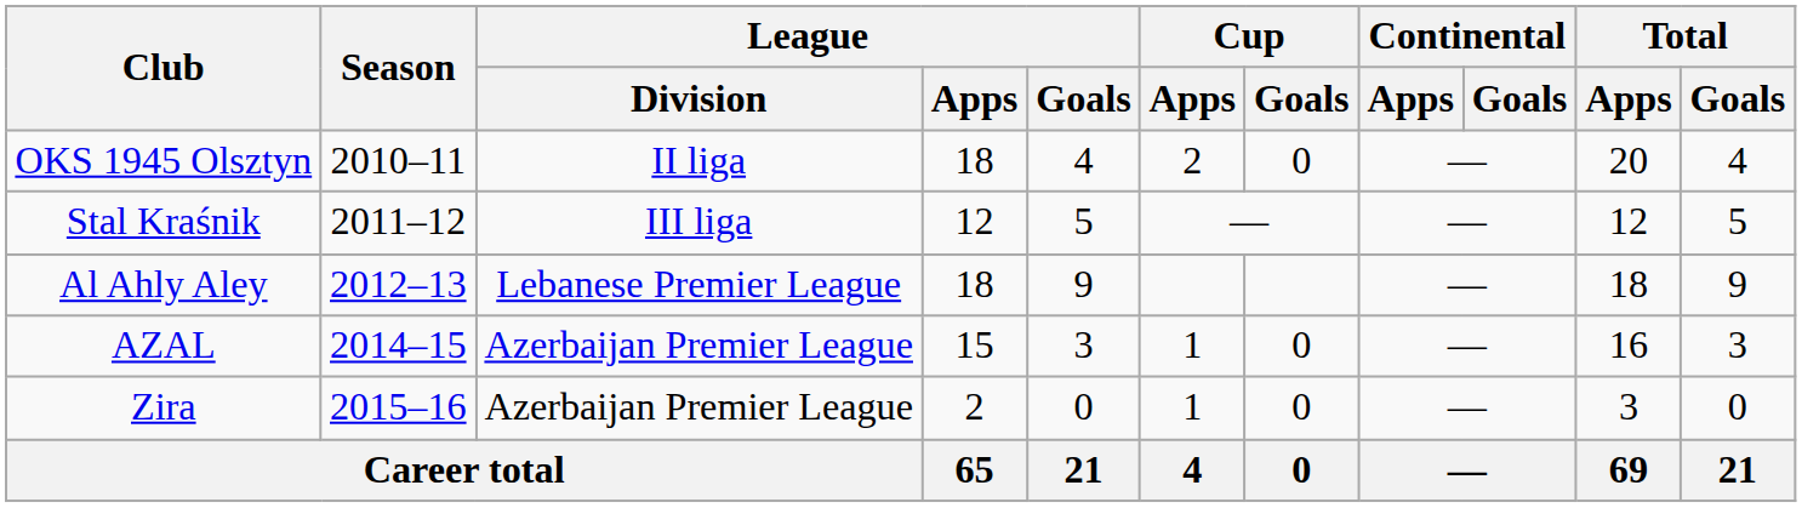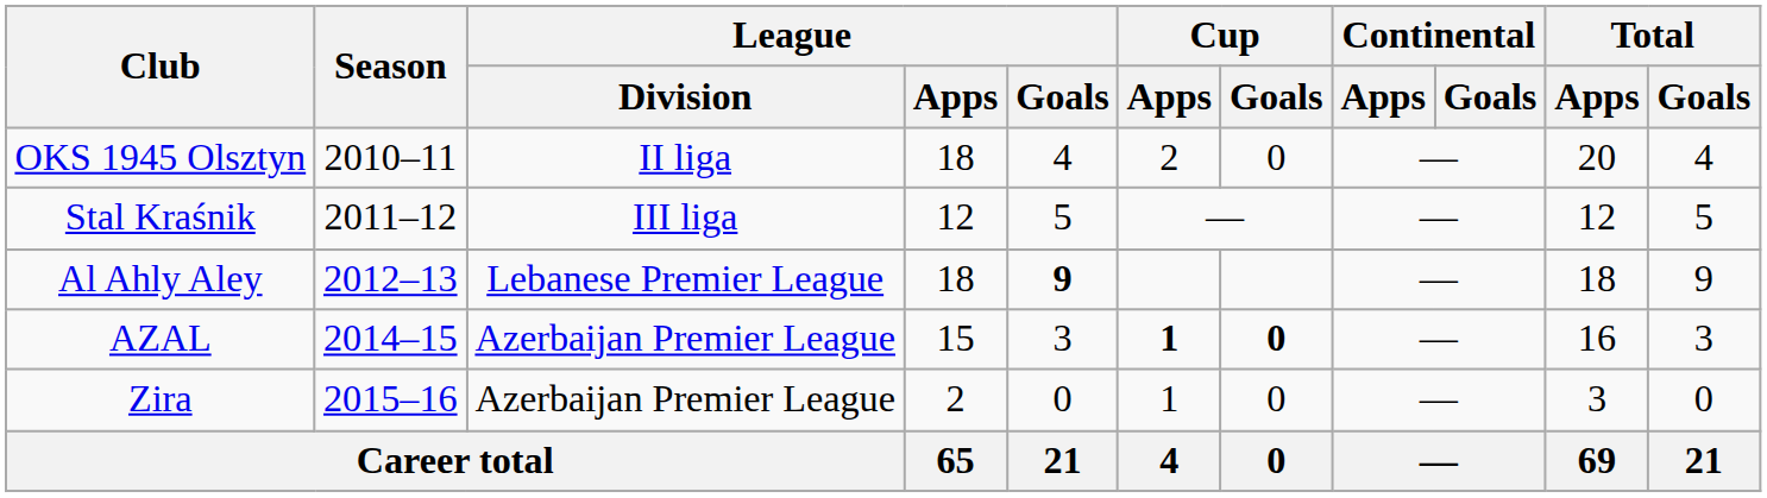 <table class="wikitable" style="text-align:center">
 <tr>
 <th rowspan="2">Club</th>
 <th rowspan="2">Season</th>
 <th colspan="3">League</th>
 <th colspan="2">Cup</th>
 <th colspan="2">Continental</th>
 <th colspan="2">Total</th>
 </tr>
 <tr>
 <th>Division</th>
 <th>Apps</th>
 <th>Goals</th>
 <th>Apps</th>
 <th>Goals</th>
 <th>Apps</th>
 <th>Goals</th>
 <th>Apps</th>
 <th>Goals</th>
 </tr>
 <tr>
 <td><a href='#'>OKS 1945 Olsztyn</a></td>
 <td>2010–11</td>
 <td><a href='#'>II liga</a></td>
 <td>18</td>
 <td>4</td>
 <td>2</td>
 <td>0</td>
 <td colspan="2">—</td>
 <td>20</td>
 <td>4</td>
 </tr>
 <tr>
 <td><a href='#'>Stal Kraśnik</a></td>
 <td>2011–12</td>
 <td><a href='#'>III liga</a></td>
 <td>12</td>
 <td>5</td>
 <td colspan="2">—</td>
 <td colspan="2">—</td>
 <td>12</td>
 <td>5</td>
 </tr>
 <tr>
 <td><a href='#'>Al Ahly Aley</a></td>
 <td><a href='#'>2012–13</a></td>
 <td><a href='#'>Lebanese Premier League</a></td>
 <td>18</td>
-<td>9</td>
+<td><strong>9</strong></td>
 <td></td>
 <td></td>
 <td colspan="2">—</td>
 <td>18</td>
 <td>9</td>
 </tr>
 <tr>
 <td><a href='#'>AZAL</a></td>
 <td><a href='#'>2014–15</a></td>
 <td><a href='#'>Azerbaijan Premier League</a></td>
 <td>15</td>
 <td>3</td>
-<td>1</td>
-<td>0</td>
+<td><strong>1</strong></td>
+<td><strong>0</strong></td>
 <td colspan="2">—</td>
 <td>16</td>
 <td>3</td>
 </tr>
 <tr>
 <td><a href='#'>Zira</a></td>
 <td><a href='#'>2015–16</a></td>
 <td>Azerbaijan Premier League</td>
 <td>2</td>
 <td>0</td>
 <td>1</td>
 <td>0</td>
 <td colspan="2">—</td>
 <td>3</td>
 <td>0</td>
 </tr>
 <tr>
 <th colspan="3">Career total</th>
 <th>65</th>
 <th>21</th>
 <th>4</th>
 <th>0</th>
 <th colspan="2">—</th>
 <th>69</th>
 <th>21</th>
 </tr>
 </table>
